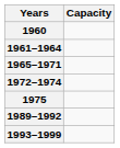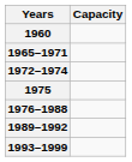 <table class="wikitable">
 <tr>
 <th scope="row">Years</th>
 <th scope="row">Capacity</th>
 </tr>
 <tr>
 <th scope="row">1960</th>
-<td></td>
-</tr>
-<tr>
-<th scope="row">1961–1964</th>
 <td></td>
 </tr>
 <tr>
 <th scope="row">1965–1971</th>
 <td></td>
 </tr>
 <tr>
 <th scope="row">1972–1974</th>
 <td></td>
 </tr>
 <tr>
 <th scope="row">1975</th>
 <td></td>
 </tr>
 <tr>
+<th scope="row">1976–1988</th>
+<td></td>
+</tr>
+<tr>
 <th scope="row">1989–1992</th>
 <td></td>
 </tr>
 <tr>
 <th scope="row">1993–1999</th>
 <td></td>
 </tr>
 </table>
